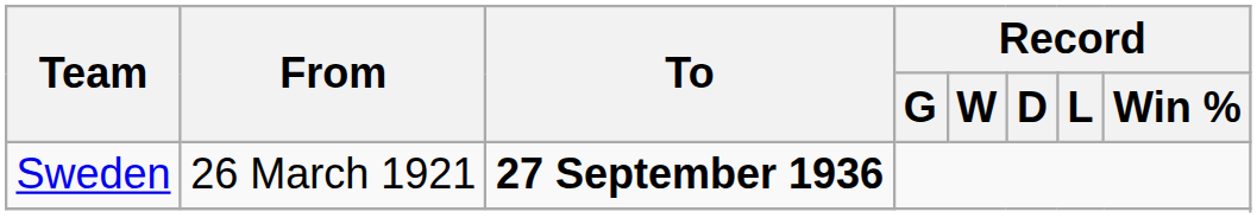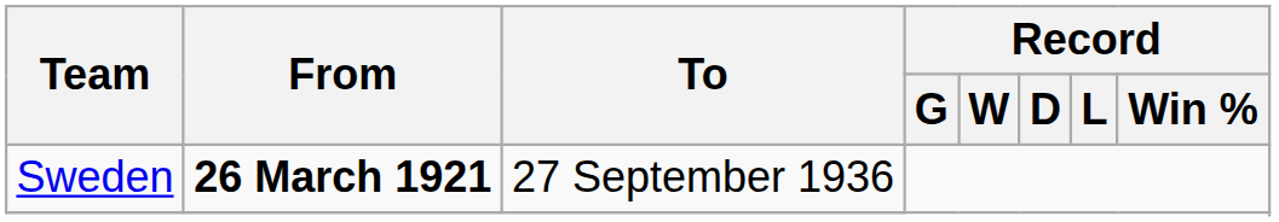 <table class="wikitable" border="1">
 <tr>
 <th rowspan=2>Team</th>
 <th rowspan=2>From</th>
 <th rowspan=2>To</th>
 <th colspan=5>Record</th>
 </tr>
 <tr>
 <th>G</th>
 <th>W</th>
 <th>D</th>
 <th>L</th>
 <th>Win %</th>
 </tr>
 <tr>
 <td align="left"><a href='#'>Sweden</a></td>
-<td align="left">26 March 1921</td>
-<td align="left"><strong>27 September 1936<br></strong></td>
+<td align="left"><strong>26 March 1921</strong></td>
+<td align="left">27 September 1936<br></td>
 </tr>
 <tr>
 </tr>
 </table>
